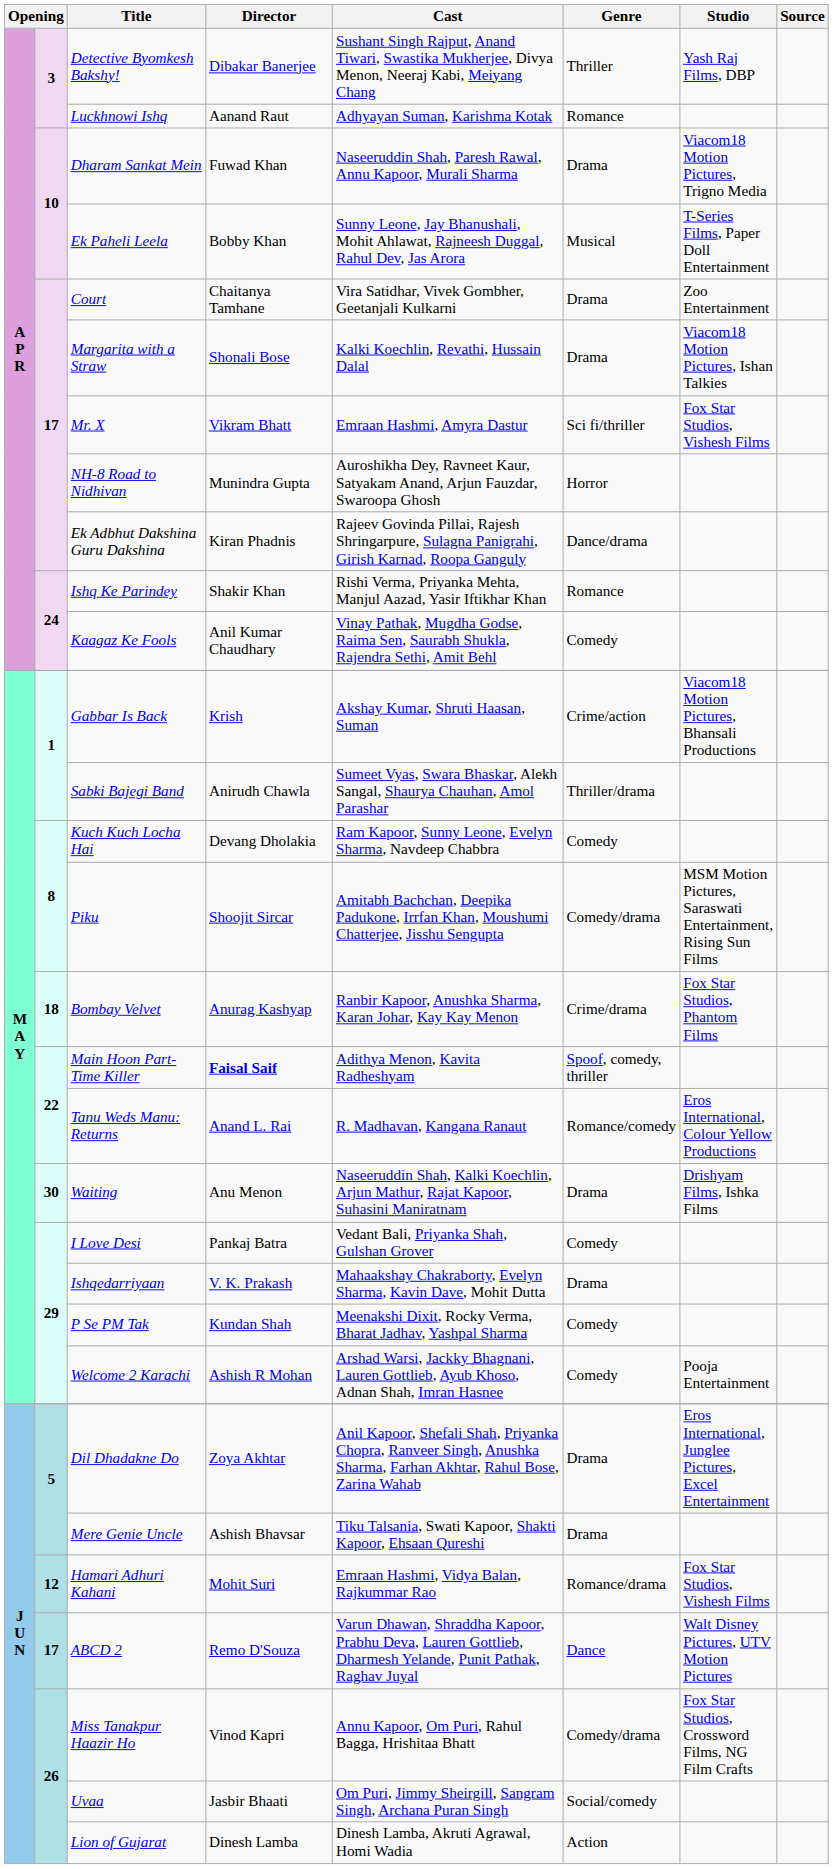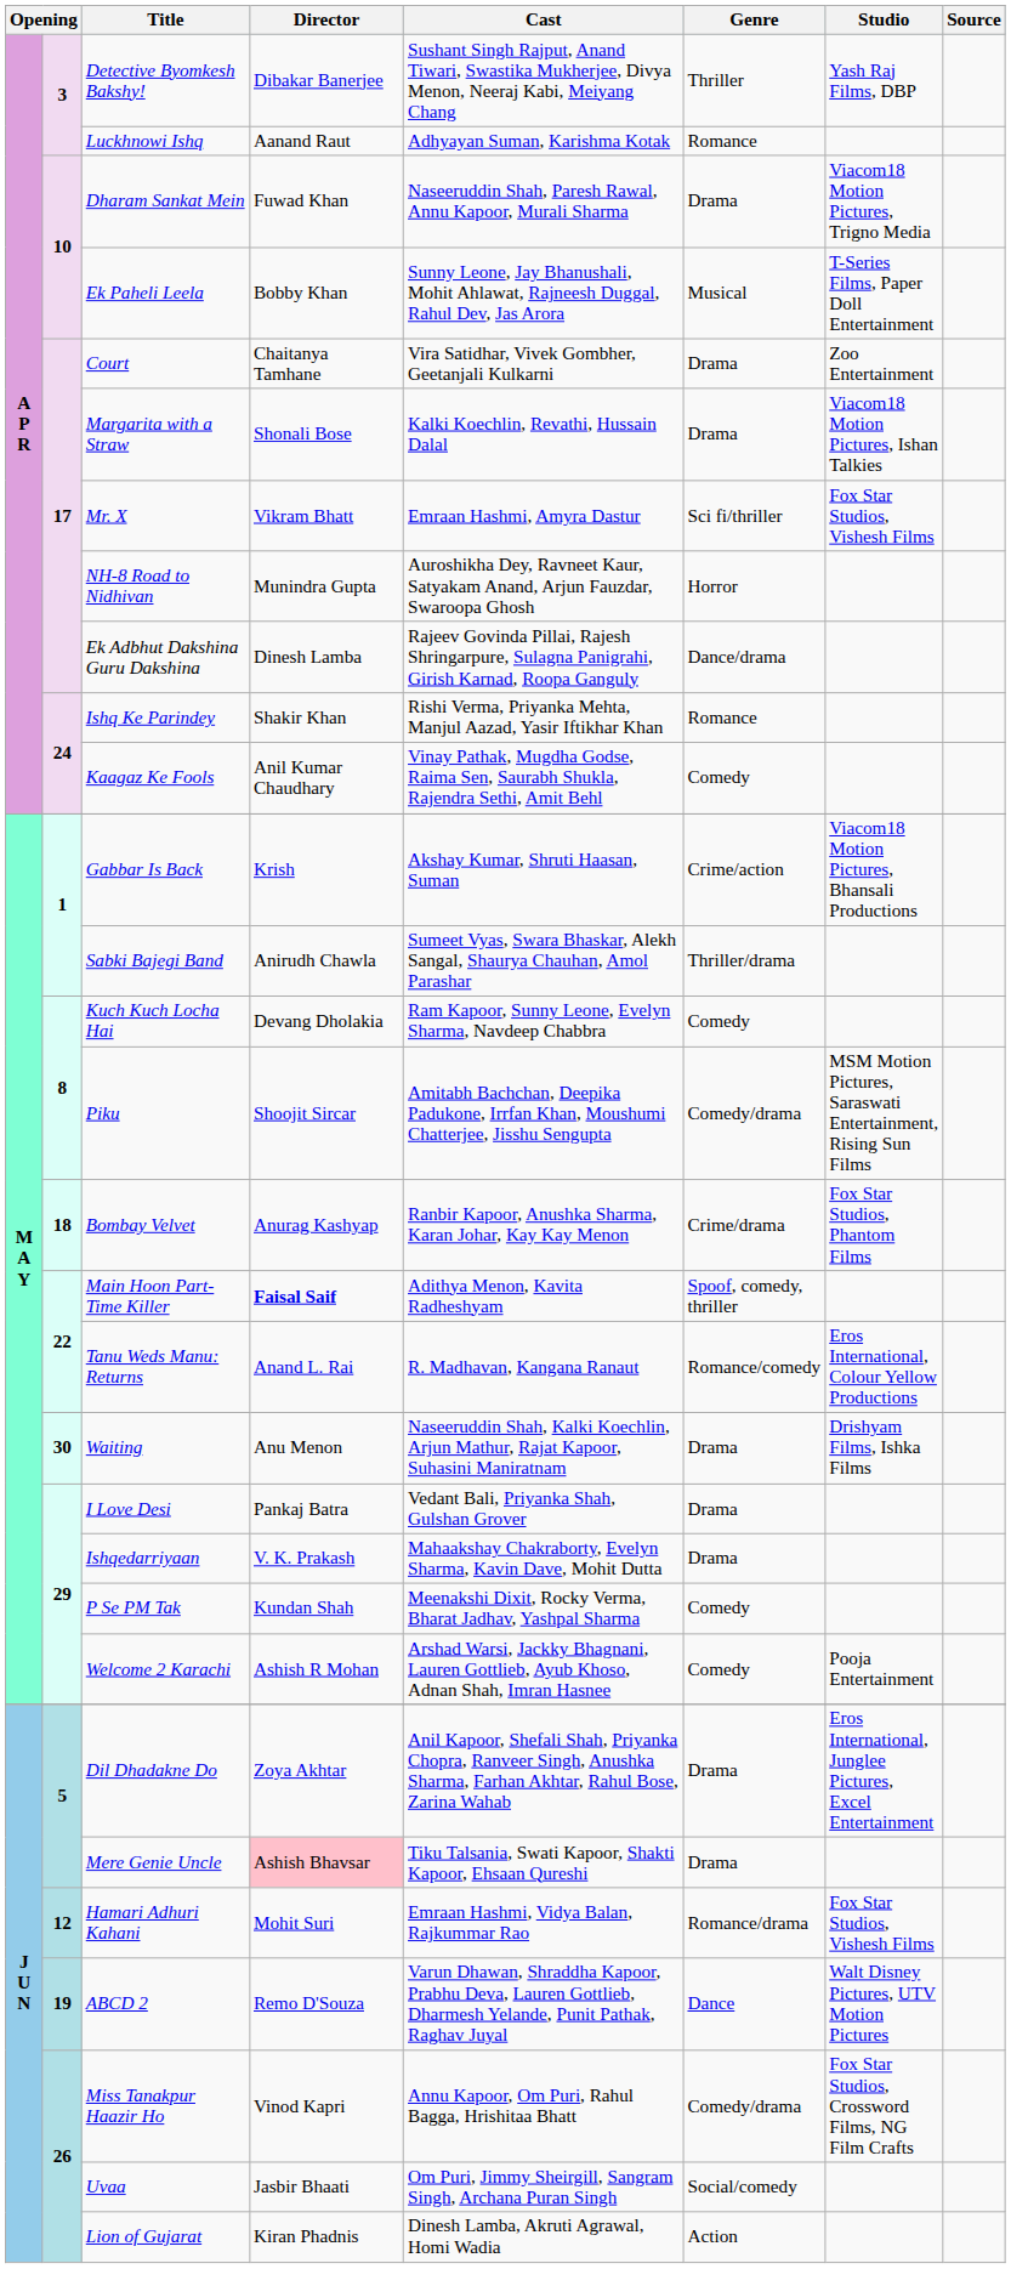 <table class="wikitable">
 <tr style="background:#b0e0e6; text-align:center;">
 <th colspan="2" style="width:6%;"><strong>Opening</strong></th>
 <th style="width:20%;"><strong>Title</strong></th>
 <th style="width:20%;"><strong>Director</strong></th>
 <th style="width:40%;"><strong>Cast</strong></th>
 <th style="width:10.5%;"><strong>Genre</strong></th>
 <th>Studio</th>
 <th>Source</th>
 </tr>
 <tr>
 <td rowspan="11" style="text-align:center; background:plum; textcolor:#000;"><strong>A<br>P<br>R</strong></td>
 <td rowspan="2" style="text-align:center;background:#f1daf1;"><strong>3</strong></td>
 <td><em><a href='#'>Detective Byomkesh Bakshy!</a></em></td>
 <td><a href='#'>Dibakar Banerjee</a></td>
 <td><a href='#'>Sushant Singh Rajput</a>, <a href='#'>Anand Tiwari</a>, <a href='#'>Swastika Mukherjee</a>, Divya Menon, Neeraj Kabi, <a href='#'>Meiyang Chang</a></td>
 <td>Thriller</td>
 <td><a href='#'>Yash Raj Films</a>, DBP</td>
 <td></td>
 </tr>
 <tr>
 <td><em><a href='#'>Luckhnowi Ishq</a></em></td>
 <td>Aanand Raut</td>
 <td><a href='#'>Adhyayan Suman</a>, <a href='#'>Karishma Kotak</a></td>
 <td>Romance</td>
 <td></td>
 <td></td>
 </tr>
 <tr>
 <td rowspan="2" style="text-align:center;background:#f1daf1;"><strong>10</strong></td>
 <td><em><a href='#'>Dharam Sankat Mein</a></em></td>
 <td>Fuwad Khan</td>
 <td><a href='#'>Naseeruddin Shah</a>, <a href='#'>Paresh Rawal</a>, <a href='#'>Annu Kapoor</a>, <a href='#'>Murali Sharma</a></td>
 <td>Drama</td>
 <td><a href='#'>Viacom18 Motion Pictures</a>, Trigno Media</td>
 <td></td>
 </tr>
 <tr>
 <td><em><a href='#'>Ek Paheli Leela</a></em></td>
 <td>Bobby Khan</td>
 <td><a href='#'>Sunny Leone</a>, <a href='#'>Jay Bhanushali</a>, Mohit Ahlawat, <a href='#'>Rajneesh Duggal</a>, <a href='#'>Rahul Dev</a>, <a href='#'>Jas Arora</a></td>
 <td>Musical</td>
 <td><a href='#'>T-Series Films</a>, Paper Doll Entertainment</td>
 <td></td>
 </tr>
 <tr>
 <td rowspan="5" style="text-align:center;background:#f1daf1;"><strong>17</strong></td>
 <td><em><a href='#'>Court</a></em></td>
 <td>Chaitanya Tamhane</td>
 <td>Vira Satidhar, Vivek Gombher, Geetanjali Kulkarni</td>
 <td>Drama</td>
 <td>Zoo Entertainment</td>
 <td></td>
 </tr>
 <tr>
 <td><em><a href='#'>Margarita with a Straw</a></em></td>
 <td><a href='#'>Shonali Bose</a></td>
 <td><a href='#'>Kalki Koechlin</a>, <a href='#'>Revathi</a>, <a href='#'>Hussain Dalal</a></td>
 <td>Drama</td>
 <td><a href='#'>Viacom18 Motion Pictures</a>, Ishan Talkies</td>
 <td></td>
 </tr>
 <tr>
 <td><em><a href='#'>Mr. X</a></em></td>
 <td><a href='#'>Vikram Bhatt</a></td>
 <td><a href='#'>Emraan Hashmi</a>, <a href='#'>Amyra Dastur</a></td>
 <td>Sci fi/thriller</td>
 <td><a href='#'>Fox Star Studios</a>, <a href='#'>Vishesh Films</a></td>
 <td></td>
 </tr>
 <tr>
 <td><em><a href='#'>NH-8 Road to Nidhivan</a></em></td>
 <td>Munindra Gupta</td>
 <td>Auroshikha Dey, Ravneet Kaur, Satyakam Anand, Arjun Fauzdar, Swaroopa Ghosh</td>
 <td>Horror</td>
 <td></td>
 <td></td>
 </tr>
 <tr>
 <td><em>Ek Adbhut Dakshina Guru Dakshina</em></td>
-<td>Kiran Phadnis</td>
+<td>Dinesh Lamba</td>
 <td>Rajeev Govinda Pillai, Rajesh Shringarpure, <a href='#'>Sulagna Panigrahi</a>, <a href='#'>Girish Karnad</a>, <a href='#'>Roopa Ganguly</a></td>
 <td>Dance/drama</td>
 <td></td>
 <td></td>
 </tr>
 <tr>
 <td rowspan="2" style="text-align:center;background:#f1daf1;"><strong>24</strong></td>
 <td><em><a href='#'>Ishq Ke Parindey</a></em></td>
 <td>Shakir Khan</td>
 <td>Rishi Verma, Priyanka Mehta, Manjul Aazad, Yasir Iftikhar Khan</td>
 <td>Romance</td>
 <td></td>
 <td></td>
 </tr>
 <tr>
 <td><em><a href='#'>Kaagaz Ke Fools</a></em></td>
 <td>Anil Kumar Chaudhary</td>
 <td><a href='#'>Vinay Pathak</a>, <a href='#'>Mugdha Godse</a>, <a href='#'>Raima Sen</a>, <a href='#'>Saurabh Shukla</a>, <a href='#'>Rajendra Sethi</a>, <a href='#'>Amit Behl</a></td>
 <td>Comedy</td>
 <td></td>
 <td></td>
 </tr>
 <tr>
 </tr>
 <tr May>
 <td rowspan="12" style="text-align:center; background:#7FFFD4; textcolor:#000;"><strong>M<br>A<br>Y</strong></td>
 <td rowspan="2" style="text-align:center;background:#DBFFF8;"><strong>1</strong></td>
 <td><em><a href='#'>Gabbar Is Back</a></em></td>
 <td><a href='#'>Krish</a></td>
 <td><a href='#'>Akshay Kumar</a>, <a href='#'>Shruti Haasan</a>, <a href='#'>Suman</a></td>
 <td>Crime/action</td>
 <td><a href='#'>Viacom18 Motion Pictures</a>, Bhansali Productions</td>
 <td></td>
 </tr>
 <tr>
 <td><em><a href='#'>Sabki Bajegi Band</a></em></td>
 <td>Anirudh Chawla</td>
 <td><a href='#'>Sumeet Vyas</a>, <a href='#'>Swara Bhaskar</a>, Alekh Sangal, <a href='#'>Shaurya Chauhan</a>, <a href='#'>Amol Parashar</a></td>
 <td>Thriller/drama</td>
 <td></td>
 <td></td>
 </tr>
 <tr>
 <td rowspan="2" style="text-align:center;background:#DBFFF8;"><strong>8</strong></td>
 <td><em><a href='#'>Kuch Kuch Locha Hai</a></em></td>
 <td>Devang Dholakia</td>
 <td><a href='#'>Ram Kapoor</a>, <a href='#'>Sunny Leone</a>, <a href='#'>Evelyn Sharma</a>, Navdeep Chabbra</td>
 <td>Comedy</td>
 <td></td>
 <td></td>
 </tr>
 <tr>
 <td><em><a href='#'>Piku</a></em></td>
 <td><a href='#'>Shoojit Sircar</a></td>
 <td><a href='#'>Amitabh Bachchan</a>, <a href='#'>Deepika Padukone</a>, <a href='#'>Irrfan Khan</a>, <a href='#'>Moushumi Chatterjee</a>, <a href='#'>Jisshu Sengupta</a></td>
 <td>Comedy/drama</td>
 <td>MSM Motion Pictures, Saraswati Entertainment, Rising Sun Films</td>
 <td></td>
 </tr>
 <tr>
 <td rowspan="1" style="text-align:center;background:#DBFFF8;"><strong>18</strong></td>
 <td><em><a href='#'>Bombay Velvet</a></em></td>
 <td><a href='#'>Anurag Kashyap</a></td>
 <td><a href='#'>Ranbir Kapoor</a>, <a href='#'>Anushka Sharma</a>, <a href='#'>Karan Johar</a>, <a href='#'>Kay Kay Menon</a></td>
 <td>Crime/drama</td>
 <td><a href='#'>Fox Star Studios</a>, <a href='#'>Phantom Films</a></td>
 <td></td>
 </tr>
 <tr>
 <td rowspan="2" style="text-align:center;background:#DBFFF8;"><strong>22</strong></td>
 <td><em><a href='#'>Main Hoon Part-Time Killer</a></em></td>
 <td><strong><a href='#'>Faisal Saif</a></strong></td>
 <td><a href='#'>Adithya Menon</a>, <a href='#'>Kavita Radheshyam</a></td>
 <td><a href='#'>Spoof</a>, comedy, thriller</td>
 <td></td>
 <td></td>
 </tr>
 <tr>
 <td><em><a href='#'>Tanu Weds Manu: Returns</a></em></td>
 <td><a href='#'>Anand L. Rai</a></td>
 <td><a href='#'>R. Madhavan</a>, <a href='#'>Kangana Ranaut</a></td>
 <td>Romance/comedy</td>
 <td><a href='#'>Eros International</a>, <a href='#'>Colour Yellow Productions</a></td>
 <td></td>
 </tr>
 <tr>
 <td rowspan="1" style="text-align:center;background:#DBFFF8;"><strong>30</strong></td>
 <td><em><a href='#'>Waiting</a></em></td>
 <td>Anu Menon</td>
 <td><a href='#'>Naseeruddin Shah</a>, <a href='#'>Kalki Koechlin</a>, <a href='#'>Arjun Mathur</a>, <a href='#'>Rajat Kapoor</a>, <a href='#'>Suhasini Maniratnam</a></td>
 <td>Drama</td>
 <td><a href='#'>Drishyam Films</a>, Ishka Films</td>
 <td></td>
 </tr>
 <tr>
 <td rowspan="4" style="text-align:center;background:#DBFFF8;"><strong>29</strong></td>
 <td><em><a href='#'>I Love Desi</a></em></td>
 <td>Pankaj Batra</td>
 <td>Vedant Bali, <a href='#'>Priyanka Shah</a>, <a href='#'>Gulshan Grover</a></td>
-<td>Comedy</td>
+<td>Drama</td>
 <td></td>
 <td></td>
 </tr>
 <tr>
 <td><em><a href='#'>Ishqedarriyaan</a></em></td>
 <td><a href='#'>V. K. Prakash</a></td>
 <td><a href='#'>Mahaakshay Chakraborty</a>, <a href='#'>Evelyn Sharma</a>, <a href='#'>Kavin Dave</a>, Mohit Dutta</td>
 <td>Drama</td>
 <td></td>
 <td></td>
 </tr>
 <tr>
 <td><em><a href='#'>P Se PM Tak</a></em></td>
 <td><a href='#'>Kundan Shah</a></td>
 <td><a href='#'>Meenakshi Dixit</a>, Rocky Verma, <a href='#'>Bharat Jadhav</a>, <a href='#'>Yashpal Sharma</a></td>
 <td>Comedy</td>
 <td></td>
 <td></td>
 </tr>
 <tr>
 <td><em><a href='#'>Welcome 2 Karachi</a></em></td>
 <td><a href='#'>Ashish R Mohan</a></td>
 <td><a href='#'>Arshad Warsi</a>, <a href='#'>Jackky Bhagnani</a>, <a href='#'>Lauren Gottlieb</a>, <a href='#'>Ayub Khoso</a>, Adnan Shah, <a href='#'>Imran Hasnee</a></td>
 <td>Comedy</td>
 <td>Pooja Entertainment</td>
 <td></td>
 </tr>
 <tr>
 </tr>
 <tr June>
 <td rowspan="7" style="text-align:center; background:#93CCEA; textcolor:#000;"><strong>J<br>U<br>N</strong></td>
 <td rowspan="2" style="text-align:center; background:#B0E0E6;"><strong>5</strong></td>
 <td><em><a href='#'>Dil Dhadakne Do</a></em></td>
 <td><a href='#'>Zoya Akhtar</a></td>
 <td><a href='#'>Anil Kapoor</a>, <a href='#'>Shefali Shah</a>, <a href='#'>Priyanka Chopra</a>, <a href='#'>Ranveer Singh</a>, <a href='#'>Anushka Sharma</a>, <a href='#'>Farhan Akhtar</a>, <a href='#'>Rahul Bose</a>, <a href='#'>Zarina Wahab</a></td>
 <td>Drama</td>
 <td><a href='#'>Eros International</a>, <a href='#'>Junglee Pictures</a>, <a href='#'>Excel Entertainment</a></td>
 <td></td>
 </tr>
 <tr>
 <td><em><a href='#'>Mere Genie Uncle</a></em></td>
-<td>Ashish Bhavsar</td>
+<td style="background: pink;">Ashish Bhavsar</td>
 <td><a href='#'>Tiku Talsania</a>, Swati Kapoor, <a href='#'>Shakti Kapoor</a>, <a href='#'>Ehsaan Qureshi</a></td>
 <td>Drama</td>
 <td></td>
 <td></td>
 </tr>
 <tr>
 <td rowspan="1" style="text-align:center; background:#B0E0E6;"><strong>12</strong></td>
 <td><em><a href='#'>Hamari Adhuri Kahani</a></em></td>
 <td><a href='#'>Mohit Suri</a></td>
 <td><a href='#'>Emraan Hashmi</a>, <a href='#'>Vidya Balan</a>, <a href='#'>Rajkummar Rao</a></td>
 <td>Romance/drama</td>
 <td><a href='#'>Fox Star Studios</a>, <a href='#'>Vishesh Films</a></td>
 <td></td>
 </tr>
 <tr>
-<td rowspan="1" style="text-align:center; background:#B0E0E6;"><strong>17</strong></td>
+<td rowspan="1" style="text-align:center; background:#B0E0E6;"><strong>19</strong></td>
 <td><em><a href='#'>ABCD 2</a></em></td>
 <td><a href='#'>Remo D'Souza</a></td>
 <td><a href='#'>Varun Dhawan</a>, <a href='#'>Shraddha Kapoor</a>, <a href='#'>Prabhu Deva</a>, <a href='#'>Lauren Gottlieb</a>, <a href='#'>Dharmesh Yelande</a>, <a href='#'>Punit Pathak</a>, <a href='#'>Raghav Juyal</a></td>
 <td><a href='#'>Dance</a></td>
 <td><a href='#'>Walt Disney Pictures</a>, <a href='#'>UTV Motion Pictures</a></td>
 <td></td>
 </tr>
 <tr>
 <td rowspan="3" style="text-align:center; background:#B0E0E6;"><strong>26</strong></td>
 <td><em><a href='#'>Miss Tanakpur Haazir Ho </a></em></td>
 <td>Vinod Kapri</td>
 <td><a href='#'>Annu Kapoor</a>, <a href='#'>Om Puri</a>, Rahul Bagga, Hrishitaa Bhatt</td>
 <td>Comedy/drama</td>
 <td><a href='#'>Fox Star Studios</a>, Crossword Films, NG Film Crafts</td>
 <td></td>
 </tr>
 <tr>
 <td><em><a href='#'>Uvaa</a></em></td>
 <td>Jasbir Bhaati</td>
 <td><a href='#'>Om Puri</a>, <a href='#'>Jimmy Sheirgill</a>, <a href='#'>Sangram Singh</a>, <a href='#'>Archana Puran Singh</a></td>
 <td>Social/comedy</td>
 <td></td>
 <td></td>
 </tr>
 <tr>
 <td><em><a href='#'>Lion of Gujarat</a></em></td>
-<td>Dinesh Lamba</td>
+<td>Kiran Phadnis</td>
 <td>Dinesh Lamba, Akruti Agrawal, Homi Wadia</td>
 <td>Action</td>
 <td></td>
 <td></td>
 </tr>
 </table>
